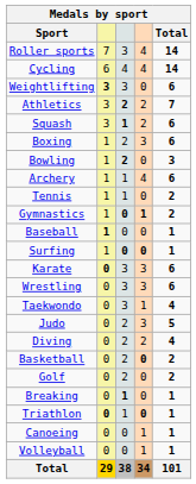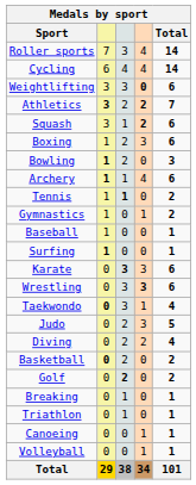 <table class="wikitable" style=font-size:85%;float:right;text-align:center>
 <tr>
 <th colspan=5>Medals by sport</th>
 </tr>
 <tr>
 <th>Sport</th>
 <td bgcolor=F7F6A8></td>
 <td bgcolor=DCE5E5></td>
 <td bgcolor=FFDAB9></td>
 <th>Total</th>
 </tr>
 <tr>
 <td><a href='#'>Roller sports</a></td>
 <td style="background:#F7F6A8;">7</td>
 <td style="background:#DCE5E5;">3</td>
 <td style="background:#FFDAB9;">4</td>
 <td><strong>14</strong></td>
 </tr>
 <tr>
 <td><a href='#'>Cycling</a></td>
 <td style="background:#F7F6A8;">6</td>
 <td style="background:#DCE5E5;">4</td>
 <td style="background:#FFDAB9;">4</td>
 <td><strong>14</strong></td>
 </tr>
 <tr>
 <td><a href='#'>Weightlifting</a></td>
-<td style="background:#F7F6A8;"><strong>3</strong></td>
+<td style="background:#F7F6A8;">3</td>
 <td style="background:#DCE5E5;">3</td>
-<td style="background:#FFDAB9;">0</td>
+<td style="background:#FFDAB9;"><strong>0</strong></td>
 <td><strong>6</strong></td>
 </tr>
 <tr>
 <td><a href='#'>Athletics</a></td>
-<td style="background:#F7F6A8;">3</td>
-<td style="background:#DCE5E5;"><strong>2</strong></td>
-<td style="background:#FFDAB9;">2</td>
+<td style="background:#F7F6A8;"><strong>3</strong></td>
+<td style="background:#DCE5E5;">2</td>
+<td style="background:#FFDAB9;"><strong>2</strong></td>
 <td><strong>7</strong></td>
 </tr>
 <tr>
 <td><a href='#'>Squash</a></td>
 <td style="background:#F7F6A8;">3</td>
-<td style="background:#DCE5E5;"><strong>1</strong></td>
-<td style="background:#FFDAB9;">2</td>
+<td style="background:#DCE5E5;">1</td>
+<td style="background:#FFDAB9;"><strong>2</strong></td>
 <td><strong>6</strong></td>
 </tr>
 <tr>
 <td><a href='#'>Boxing</a></td>
 <td style="background:#F7F6A8;">1</td>
 <td style="background:#DCE5E5;">2</td>
 <td style="background:#FFDAB9;">3</td>
 <td><strong>6</strong></td>
 </tr>
 <tr>
 <td><a href='#'>Bowling</a></td>
-<td style="background:#F7F6A8;">1</td>
-<td style="background:#DCE5E5;"><strong>2</strong></td>
+<td style="background:#F7F6A8;"><strong>1</strong></td>
+<td style="background:#DCE5E5;">2</td>
 <td style="background:#FFDAB9;">0</td>
 <td><strong>3</strong></td>
 </tr>
 <tr>
 <td><a href='#'>Archery</a></td>
-<td style="background:#F7F6A8;">1</td>
+<td style="background:#F7F6A8;"><strong>1</strong></td>
 <td style="background:#DCE5E5;">1</td>
 <td style="background:#FFDAB9;">4</td>
 <td><strong>6</strong></td>
 </tr>
 <tr>
 <td><a href='#'>Tennis</a></td>
 <td style="background:#F7F6A8;">1</td>
-<td style="background:#DCE5E5;">1</td>
+<td style="background:#DCE5E5;"><strong>1</strong></td>
 <td style="background:#FFDAB9;">0</td>
 <td><strong>2</strong></td>
 </tr>
 <tr>
 <td><a href='#'>Gymnastics</a></td>
 <td style="background:#F7F6A8;">1</td>
-<td style="background:#DCE5E5;"><strong>0</strong></td>
-<td style="background:#FFDAB9;"><strong>1</strong></td>
+<td style="background:#DCE5E5;">0</td>
+<td style="background:#FFDAB9;">1</td>
 <td><strong>2</strong></td>
 </tr>
 <tr>
 <td><a href='#'>Baseball</a></td>
+<td style="background:#F7F6A8;">1</td>
+<td style="background:#DCE5E5;">0</td>
+<td style="background:#FFDAB9;">0</td>
+<td><strong>1</strong></td>
+</tr>
+<tr>
+<td><a href='#'>Surfing</a></td>
 <td style="background:#F7F6A8;"><strong>1</strong></td>
 <td style="background:#DCE5E5;">0</td>
 <td style="background:#FFDAB9;">0</td>
 <td><strong>1</strong></td>
 </tr>
 <tr>
-<td><a href='#'>Surfing</a></td>
-<td style="background:#F7F6A8;">1</td>
-<td style="background:#DCE5E5;"><strong>0</strong></td>
-<td style="background:#FFDAB9;"><strong>0</strong></td>
-<td><strong>1</strong></td>
-</tr>
-<tr>
 <td><a href='#'>Karate</a></td>
-<td style="background:#F7F6A8;"><strong>0</strong></td>
-<td style="background:#DCE5E5;">3</td>
+<td style="background:#F7F6A8;">0</td>
+<td style="background:#DCE5E5;"><strong>3</strong></td>
 <td style="background:#FFDAB9;">3</td>
 <td><strong>6</strong></td>
 </tr>
 <tr>
 <td><a href='#'>Wrestling</a></td>
 <td style="background:#F7F6A8;">0</td>
 <td style="background:#DCE5E5;">3</td>
-<td style="background:#FFDAB9;">3</td>
+<td style="background:#FFDAB9;"><strong>3</strong></td>
 <td><strong>6</strong></td>
 </tr>
 <tr>
 <td><a href='#'>Taekwondo</a></td>
-<td style="background:#F7F6A8;">0</td>
+<td style="background:#F7F6A8;"><strong>0</strong></td>
 <td style="background:#DCE5E5;">3</td>
 <td style="background:#FFDAB9;">1</td>
 <td><strong>4</strong></td>
 </tr>
 <tr>
 <td><a href='#'>Judo</a></td>
 <td style="background:#F7F6A8;">0</td>
 <td style="background:#DCE5E5;">2</td>
 <td style="background:#FFDAB9;">3</td>
 <td><strong>5</strong></td>
 </tr>
 <tr>
 <td><a href='#'>Diving</a></td>
 <td style="background:#F7F6A8;">0</td>
 <td style="background:#DCE5E5;">2</td>
 <td style="background:#FFDAB9;">2</td>
 <td><strong>4</strong></td>
 </tr>
 <tr>
 <td><a href='#'>Basketball</a></td>
-<td style="background:#F7F6A8;">0</td>
+<td style="background:#F7F6A8;"><strong>0</strong></td>
 <td style="background:#DCE5E5;">2</td>
-<td style="background:#FFDAB9;"><strong>0</strong></td>
+<td style="background:#FFDAB9;">0</td>
 <td><strong>2</strong></td>
 </tr>
 <tr>
 <td><a href='#'>Golf</a></td>
 <td style="background:#F7F6A8;">0</td>
-<td style="background:#DCE5E5;">2</td>
+<td style="background:#DCE5E5;"><strong>2</strong></td>
 <td style="background:#FFDAB9;">0</td>
 <td><strong>2</strong></td>
 </tr>
 <tr>
 <td><a href='#'>Breaking</a></td>
 <td style="background:#F7F6A8;">0</td>
-<td style="background:#DCE5E5;"><strong>1</strong></td>
+<td style="background:#DCE5E5;">1</td>
 <td style="background:#FFDAB9;">0</td>
 <td><strong>1</strong></td>
 </tr>
 <tr>
 <td><a href='#'>Triathlon</a></td>
-<td style="background:#F7F6A8;"><strong>0</strong></td>
+<td style="background:#F7F6A8;">0</td>
 <td style="background:#DCE5E5;">1</td>
-<td style="background:#FFDAB9;"><strong>0</strong></td>
+<td style="background:#FFDAB9;">0</td>
 <td><strong>1</strong></td>
 </tr>
 <tr>
 <td><a href='#'>Canoeing</a></td>
 <td style="background:#F7F6A8;">0</td>
 <td style="background:#DCE5E5;">0</td>
 <td style="background:#FFDAB9;">1</td>
 <td><strong>1</strong></td>
 </tr>
 <tr>
 <td><a href='#'>Volleyball</a></td>
 <td style="background:#F7F6A8;">0</td>
 <td style="background:#DCE5E5;">0</td>
 <td style="background:#FFDAB9;">1</td>
 <td><strong>1</strong></td>
 </tr>
 <tr>
 <th>Total</th>
 <th style=background:gold>29</th>
 <th style=background:silver>38</th>
 <th style=background:#c96>34</th>
 <th>101</th>
 </tr>
 </table>
